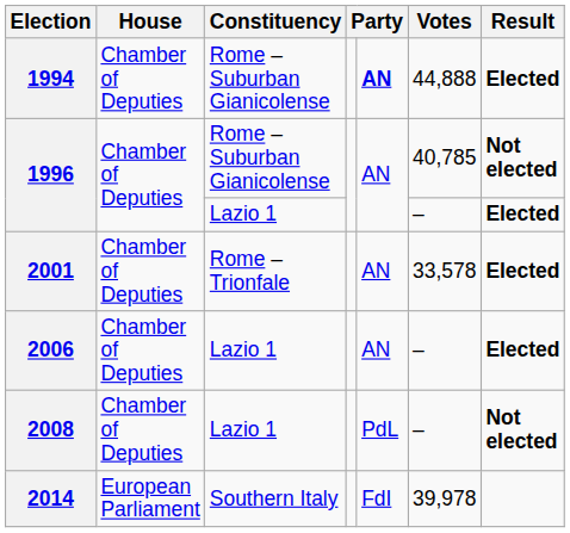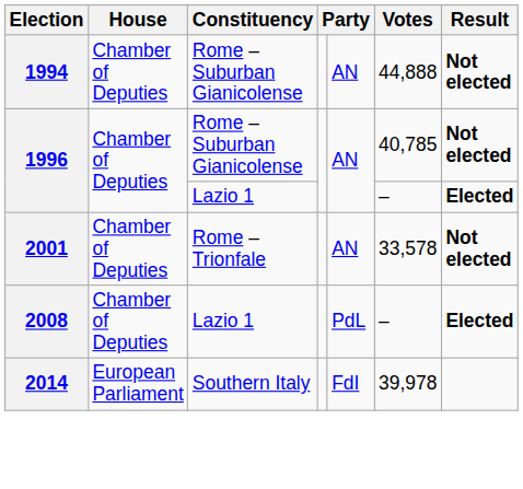 <table class=wikitable style="width:58%; border:1px #AAAAFF solid">
 <tr>
 <th width=8%>Election</th>
 <th width=25%>House</th>
 <th width=34%>Constituency</th>
 <th width=5% colspan="2">Party</th>
 <th width=12%>Votes</th>
 <th width=18%>Result</th>
 </tr>
 <tr>
 <th><a href='#'>1994</a></th>
 <td><a href='#'>Chamber of Deputies</a></td>
 <td><a href='#'>Rome</a> – <a href='#'>Suburban Gianicolense</a></td>
 <td></td>
-<td><strong><a href='#'>AN</a></strong></td>
+<td><a href='#'>AN</a></td>
 <td>44,888</td>
-<td> <strong>Elected</strong></td>
+<td> <strong>Not elected</strong></td>
 </tr>
 <tr>
 <th rowspan=2><a href='#'>1996</a></th>
 <td rowspan=2><a href='#'>Chamber of Deputies</a></td>
 <td><a href='#'>Rome</a> – <a href='#'>Suburban Gianicolense</a></td>
 <td rowspan=2></td>
 <td rowspan=2><a href='#'>AN</a></td>
 <td>40,785</td>
 <td> <strong>Not elected</strong></td>
 </tr>
 <tr>
 <td><a href='#'>Lazio 1</a></td>
 <td>–</td>
 <td> <strong>Elected</strong></td>
 </tr>
 <tr>
 <th><a href='#'>2001</a></th>
 <td><a href='#'>Chamber of Deputies</a></td>
 <td><a href='#'>Rome</a> – <a href='#'>Trionfale</a></td>
 <td></td>
 <td><a href='#'>AN</a></td>
 <td>33,578</td>
-<td> <strong>Elected</strong></td>
-</tr>
-<tr>
-<th><a href='#'>2006</a></th>
-<td><a href='#'>Chamber of Deputies</a></td>
-<td><a href='#'>Lazio 1</a></td>
-<td></td>
-<td><a href='#'>AN</a></td>
-<td>–</td>
-<td> <strong>Elected</strong></td>
+<td> <strong>Not elected</strong></td>
 </tr>
 <tr>
 <th><a href='#'>2008</a></th>
 <td><a href='#'>Chamber of Deputies</a></td>
 <td><a href='#'>Lazio 1</a></td>
 <td></td>
 <td><a href='#'>PdL</a></td>
 <td>–</td>
-<td> <strong>Not elected</strong></td>
+<td> <strong>Elected</strong></td>
 </tr>
 <tr>
 <th><a href='#'>2014</a></th>
 <td><a href='#'>European Parliament</a></td>
 <td><a href='#'>Southern Italy</a></td>
 <td></td>
 <td><a href='#'>FdI</a></td>
 <td>39,978</td>
 <td></td>
 </tr>
 </table>
